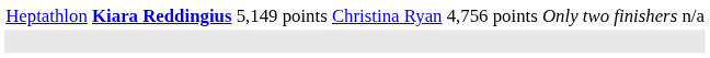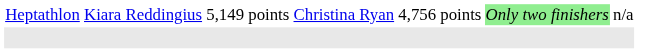 <table>
 <tr>
 </tr>
 <tr>
 <td><a href='#'>Heptathlon</a></td>
-<td align=left><strong><a href='#'>Kiara Reddingius</a> <br> </strong></td>
+<td align=left><a href='#'>Kiara Reddingius</a> <br> </td>
 <td>5,149 points</td>
 <td align=left><a href='#'>Christina Ryan</a> <br> </td>
 <td>4,756 points</td>
-<td align=left><em>Only two finishers</em></td>
+<td align=left style="background: lightgreen;"><em>Only two finishers</em></td>
 <td>n/a</td>
 </tr>
 <tr style="background:#e8e8e8;">
 <td colspan=7><br></td>
 </tr>
 </table>
